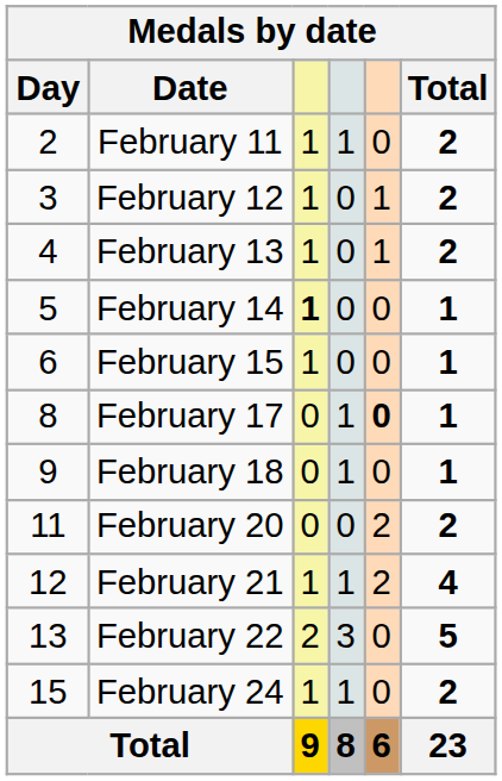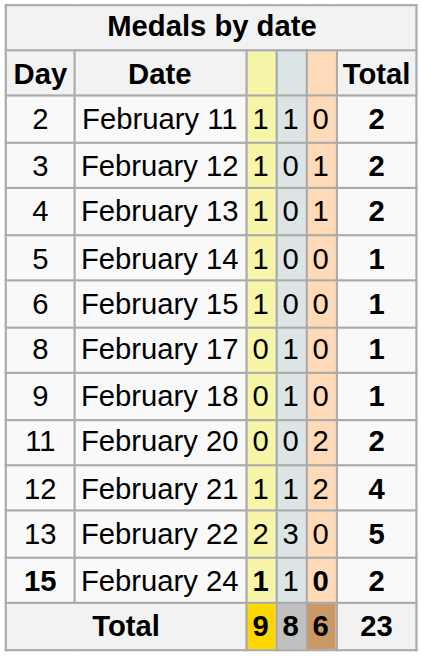 <table class=wikitable style=font-size:85%;float:right;text-align:center>
 <tr>
 <th colspan=6>Medals by date</th>
 </tr>
 <tr>
 <th>Day</th>
 <th>Date</th>
 <td bgcolor=F7F6A8></td>
 <td bgcolor=DCE5E5></td>
 <td bgcolor=FFDAB9></td>
 <th>Total</th>
 </tr>
 <tr>
 <td>2</td>
 <td>February 11</td>
 <td bgcolor=F7F6A8>1</td>
 <td bgcolor=DCE5E5>1</td>
 <td bgcolor=FFDAB9>0</td>
 <td><strong>2</strong></td>
 </tr>
 <tr>
 <td>3</td>
 <td>February 12</td>
 <td bgcolor=F7F6A8>1</td>
 <td bgcolor=DCE5E5>0</td>
 <td bgcolor=FFDAB9>1</td>
 <td><strong>2</strong></td>
 </tr>
 <tr>
 <td>4</td>
 <td>February 13</td>
 <td bgcolor=F7F6A8>1</td>
 <td bgcolor=DCE5E5>0</td>
 <td bgcolor=FFDAB9>1</td>
 <td><strong>2</strong></td>
 </tr>
 <tr>
 <td>5</td>
 <td>February 14</td>
-<td bgcolor=F7F6A8><strong>1</strong></td>
+<td bgcolor=F7F6A8>1</td>
 <td bgcolor=DCE5E5>0</td>
 <td bgcolor=FFDAB9>0</td>
 <td><strong>1</strong></td>
 </tr>
 <tr>
 <td>6</td>
 <td>February 15</td>
 <td bgcolor=F7F6A8>1</td>
 <td bgcolor=DCE5E5>0</td>
 <td bgcolor=FFDAB9>0</td>
 <td><strong>1</strong></td>
 </tr>
 <tr>
 <td>8</td>
 <td>February 17</td>
 <td bgcolor=F7F6A8>0</td>
 <td bgcolor=DCE5E5>1</td>
-<td bgcolor=FFDAB9><strong>0</strong></td>
+<td bgcolor=FFDAB9>0</td>
 <td><strong>1</strong></td>
 </tr>
 <tr>
 <td>9</td>
 <td>February 18</td>
 <td bgcolor=F7F6A8>0</td>
 <td bgcolor=DCE5E5>1</td>
 <td bgcolor=FFDAB9>0</td>
 <td><strong>1</strong></td>
 </tr>
 <tr>
 <td>11</td>
 <td>February 20</td>
 <td bgcolor=F7F6A8>0</td>
 <td bgcolor=DCE5E5>0</td>
 <td bgcolor=FFDAB9>2</td>
 <td><strong>2</strong></td>
 </tr>
 <tr>
 <td>12</td>
 <td>February 21</td>
 <td bgcolor=F7F6A8>1</td>
 <td bgcolor=DCE5E5>1</td>
 <td bgcolor=FFDAB9>2</td>
 <td><strong>4</strong></td>
 </tr>
 <tr>
 <td>13</td>
 <td>February 22</td>
 <td bgcolor=F7F6A8>2</td>
 <td bgcolor=DCE5E5>3</td>
 <td bgcolor=FFDAB9>0</td>
 <td><strong>5</strong></td>
 </tr>
 <tr>
-<td>15</td>
+<td><strong>15</strong></td>
 <td>February 24</td>
-<td bgcolor=F7F6A8>1</td>
+<td bgcolor=F7F6A8><strong>1</strong></td>
 <td bgcolor=DCE5E5>1</td>
-<td bgcolor=FFDAB9>0</td>
+<td bgcolor=FFDAB9><strong>0</strong></td>
 <td><strong>2</strong></td>
 </tr>
 <tr>
 <th colspan=2>Total</th>
 <th style=background:gold>9</th>
 <th style=background:silver>8</th>
 <th style=background:#c96>6</th>
 <th>23</th>
 </tr>
 </table>
